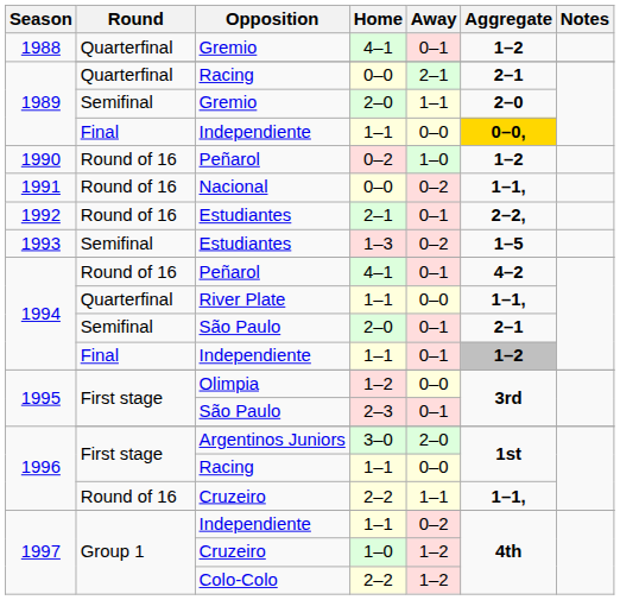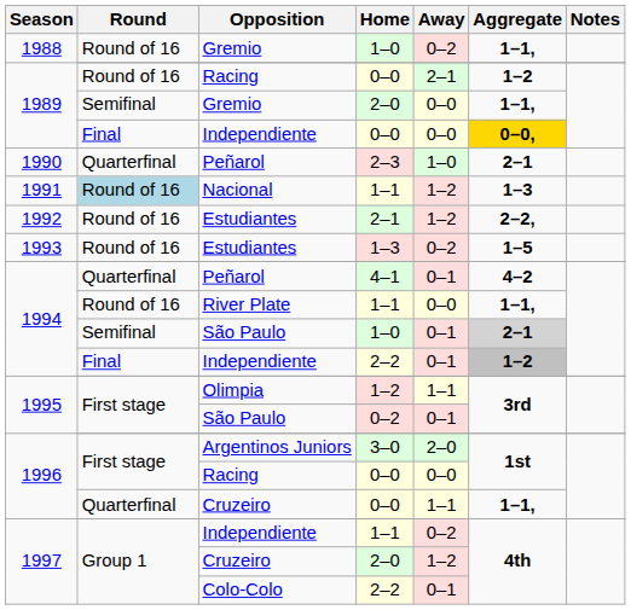 <table class="wikitable sortable ">
 <tr>
 <th align=center>Season</th>
 <th width=100>Round</th>
 <th>Opposition</th>
 <th>Home</th>
 <th>Away</th>
 <th>Aggregate</th>
 <th>Notes</th>
 </tr>
 <tr>
 <td align=center><a href='#'>1988</a></td>
-<td>Quarterfinal</td>
+<td>Round of 16</td>
 <td> <a href='#'>Gremio</a></td>
-<td style="text-align:center; background:#dfd;">4–1</td>
-<td style="text-align:center; background:#fdd;">0–1</td>
-<td style="text-align:center;"><strong>1–2</strong></td>
+<td style="text-align:center; background:#dfd;">1–0</td>
+<td style="text-align:center; background:#fdd;">0–2</td>
+<td style="text-align:center;"><strong>1–1, </strong></td>
 <td style="text-align:center;"></td>
 </tr>
 <tr>
 <td align=center rowspan=4><a href='#'>1989</a></td>
 </tr>
 <tr>
-<td>Quarterfinal</td>
+<td>Round of 16</td>
 <td> <a href='#'>Racing</a></td>
 <td style="text-align:center; background:#ffd;">0–0</td>
 <td style="text-align:center; background:#dfd;">2–1</td>
-<td style="text-align:center;"><strong>2–1</strong></td>
+<td style="text-align:center;"><strong>1–2</strong></td>
 <td rowspan=3 style="text-align:center;"></td>
 </tr>
 <tr>
 <td>Semifinal</td>
 <td> <a href='#'>Gremio</a></td>
 <td style="text-align:center; background:#dfd;">2–0</td>
-<td style="text-align:center; background:#ffd;">1–1</td>
-<td style="text-align:center;"><strong>2–0</strong></td>
+<td style="text-align:center; background:#ffd;">0–0</td>
+<td style="text-align:center;"><strong>1–1, </strong></td>
 </tr>
 <tr>
 <td><a href='#'>Final</a></td>
 <td> <a href='#'>Independiente</a></td>
-<td style="text-align:center; background:#ffd;">1–1</td>
+<td style="text-align:center; background:#ffd;">0–0</td>
 <td style="text-align:center; background:#ffd;">0–0</td>
 <td style="text-align:center;" bgcolor="gold"><strong>0–0, </strong></td>
 </tr>
 <tr>
 <td align=center><a href='#'>1990</a></td>
-<td>Round of 16</td>
+<td>Quarterfinal</td>
 <td> <a href='#'>Peñarol</a></td>
-<td style="text-align:center; background:#fdd;">0–2</td>
+<td style="text-align:center; background:#fdd;">2–3</td>
 <td style="text-align:center; background:#dfd;">1–0</td>
-<td style="text-align:center;"><strong>1–2</strong></td>
+<td style="text-align:center;"><strong>2–1</strong></td>
 <td style="text-align:center;"></td>
 </tr>
 <tr>
 <td align=center><a href='#'>1991</a></td>
-<td>Round of 16</td>
+<td style="background: lightblue;">Round of 16</td>
 <td> <a href='#'>Nacional</a></td>
-<td style="text-align:center; background:#ffd;">0–0</td>
-<td style="text-align:center; background:#fdd;">0–2</td>
-<td style="text-align:center;"><strong>1–1, </strong></td>
+<td style="text-align:center; background:#ffd;">1–1</td>
+<td style="text-align:center; background:#fdd;">1–2</td>
+<td style="text-align:center;"><strong>1–3</strong></td>
 <td style="text-align:center;"></td>
 </tr>
 <tr>
 <td align=center><a href='#'>1992</a></td>
 <td>Round of 16</td>
 <td> <a href='#'>Estudiantes</a></td>
 <td style="text-align:center; background:#dfd;">2–1</td>
-<td style="text-align:center; background:#fdd;">0–1</td>
+<td style="text-align:center; background:#fdd;">1–2</td>
 <td style="text-align:center;"><strong>2–2, </strong></td>
 <td style="text-align:center;"></td>
 </tr>
 <tr>
 <td align=center><a href='#'>1993</a></td>
-<td>Semifinal</td>
+<td>Round of 16</td>
 <td> <a href='#'>Estudiantes</a></td>
 <td style="text-align:center; background:#fdd;">1–3</td>
 <td style="text-align:center; background:#fdd;">0–2</td>
 <td style="text-align:center;"><strong>1–5</strong></td>
 <td style="text-align:center;"></td>
 </tr>
 <tr>
 <td align=center rowspan=5><a href='#'>1994</a></td>
 </tr>
 <tr>
-<td>Round of 16</td>
+<td>Quarterfinal</td>
 <td> <a href='#'>Peñarol</a></td>
 <td style="text-align:center; background:#dfd;">4–1</td>
 <td style="text-align:center; background:#fdd;">0–1</td>
 <td style="text-align:center;"><strong>4–2</strong></td>
 <td rowspan=4 style="text-align:center;"></td>
 </tr>
 <tr>
-<td>Quarterfinal</td>
+<td>Round of 16</td>
 <td> <a href='#'>River Plate</a></td>
 <td style="text-align:center; background:#ffd;">1–1</td>
 <td style="text-align:center; background:#ffd;">0–0</td>
 <td style="text-align:center;"><strong>1–1, </strong></td>
 </tr>
 <tr>
 <td>Semifinal</td>
 <td> <a href='#'>São Paulo</a></td>
-<td style="text-align:center; background:#dfd;">2–0</td>
+<td style="text-align:center; background:#dfd;">1–0</td>
 <td style="text-align:center; background:#fdd;">0–1</td>
-<td style="text-align:center;"><strong>2–1</strong></td>
+<td style="background: lightgrey; text-align:center;"><strong>2–1</strong></td>
 </tr>
 <tr>
 <td><a href='#'>Final</a></td>
 <td> <a href='#'>Independiente</a></td>
-<td style="text-align:center; background:#ffd;">1–1</td>
+<td style="text-align:center; background:#ffd;">2–2</td>
 <td style="text-align:center; background:#fdd;">0–1</td>
 <td style="text-align:center;" bgcolor="silver"><strong>1–2</strong></td>
 </tr>
 <tr>
 <td align=center rowspan=3><a href='#'>1995</a></td>
 </tr>
 <tr>
 <td rowspan=2>First stage</td>
 <td> <a href='#'>Olimpia</a></td>
 <td style="text-align:center; background:#fdd;">1–2</td>
-<td style="text-align:center; background:#ffd;">0–0</td>
+<td style="text-align:center; background:#ffd;">1–1</td>
 <td rowspan=2 style="text-align:center;"><strong>3rd</strong></td>
 <td rowspan=2 style="text-align:center;"></td>
 </tr>
 <tr>
 <td> <a href='#'>São Paulo</a></td>
-<td style="text-align:center; background:#fdd;">2–3</td>
+<td style="text-align:center; background:#fdd;">0–2</td>
 <td style="text-align:center; background:#fdd;">0–1</td>
 </tr>
 <tr>
 <td align=center rowspan=4><a href='#'>1996</a></td>
 </tr>
 <tr>
 <td rowspan=2>First stage</td>
 <td> <a href='#'>Argentinos Juniors</a></td>
 <td style="text-align:center; background:#dfd;">3–0</td>
 <td style="text-align:center; background:#dfd;">2–0</td>
 <td rowspan=2 style="text-align:center;"><strong>1st</strong></td>
 <td rowspan=3 style="text-align:center;"></td>
 </tr>
 <tr>
 <td> <a href='#'>Racing</a></td>
-<td style="text-align:center; background:#ffd;">1–1</td>
+<td style="text-align:center; background:#ffd;">0–0</td>
 <td style="text-align:center; background:#ffd;">0–0</td>
 </tr>
 <tr>
-<td>Round of 16</td>
+<td>Quarterfinal</td>
 <td> <a href='#'>Cruzeiro</a></td>
-<td style="text-align:center; background:#ffd;">2–2</td>
+<td style="text-align:center; background:#ffd;">0–0</td>
 <td style="text-align:center; background:#ffd;">1–1</td>
 <td style="text-align:center;"><strong>1–1, </strong></td>
 </tr>
 <tr>
 <td align=center rowspan=4><a href='#'>1997</a></td>
 </tr>
 <tr>
 <td rowspan=3>Group 1</td>
 <td> <a href='#'>Independiente</a></td>
 <td style="text-align:center; background:#ffd;">1–1</td>
 <td style="text-align:center; background:#fdd;">0–2</td>
 <td rowspan=3 style="text-align:center;"><strong>4th</strong></td>
 <td rowspan=3 style="text-align:center;"></td>
 </tr>
 <tr>
 <td> <a href='#'>Cruzeiro</a></td>
-<td style="text-align:center; background:#dfd;">1–0</td>
+<td style="text-align:center; background:#dfd;">2–0</td>
 <td style="text-align:center; background:#fdd;">1–2</td>
 </tr>
 <tr>
 <td> <a href='#'>Colo-Colo</a></td>
 <td style="text-align:center; background:#ffd;">2–2</td>
-<td style="text-align:center; background:#fdd;">1–2</td>
+<td style="text-align:center; background:#fdd;">0–1</td>
 </tr>
 </table>
